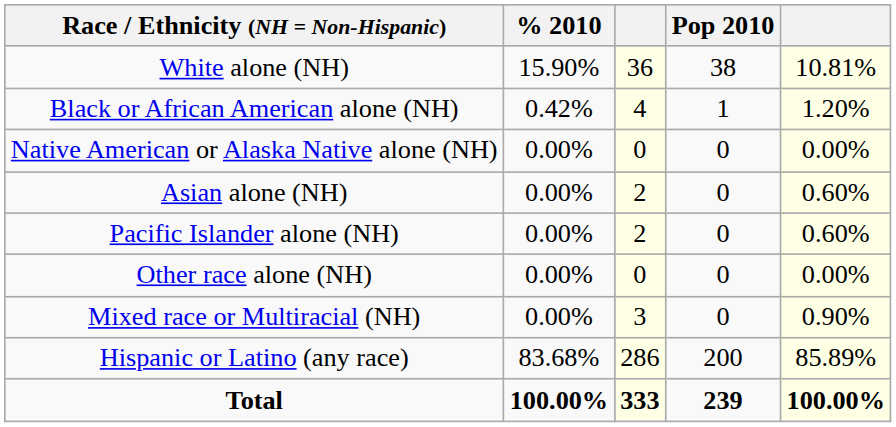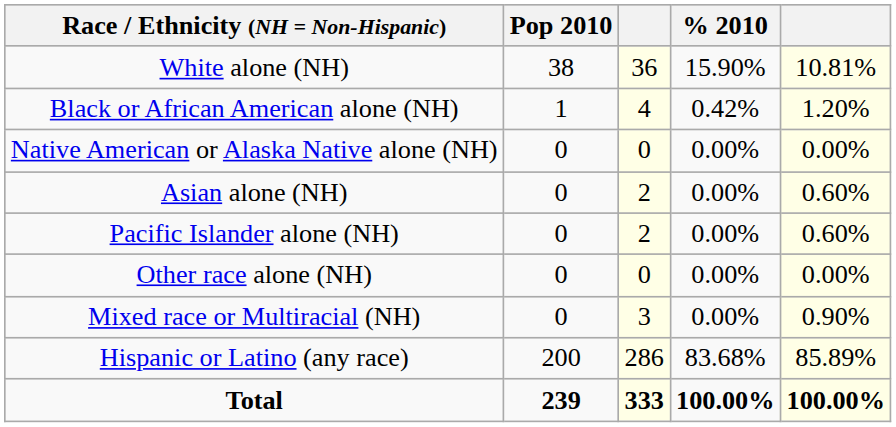 <table class="wikitable" style="text-align:center;">
 <tr>
 <th>Race / Ethnicity <small>(<em>NH = Non-Hispanic</em>)</small></th>
+<th>Pop 2010</th>
+<th></th>
 <th>% 2010</th>
-<th></th>
-<th>Pop 2010</th>
 <th></th>
 </tr>
 <tr>
 <td><a href='#'>White</a> alone (NH)</td>
+<td>38</td>
+<td style='background: #ffffe6;'>36</td>
 <td>15.90%</td>
-<td style='background: #ffffe6;'>36</td>
-<td>38</td>
 <td style='background: #ffffe6;'>10.81%</td>
 </tr>
 <tr>
 <td><a href='#'>Black or African American</a> alone (NH)</td>
+<td>1</td>
+<td style='background: #ffffe6;'>4</td>
 <td>0.42%</td>
-<td style='background: #ffffe6;'>4</td>
-<td>1</td>
 <td style='background: #ffffe6;'>1.20%</td>
 </tr>
 <tr>
 <td><a href='#'>Native American</a> or <a href='#'>Alaska Native</a> alone (NH)</td>
+<td>0</td>
+<td style='background: #ffffe6;'>0</td>
 <td>0.00%</td>
-<td style='background: #ffffe6;'>0</td>
-<td>0</td>
 <td style='background: #ffffe6;'>0.00%</td>
 </tr>
 <tr>
 <td><a href='#'>Asian</a> alone (NH)</td>
+<td>0</td>
+<td style='background: #ffffe6;'>2</td>
 <td>0.00%</td>
-<td style='background: #ffffe6;'>2</td>
-<td>0</td>
 <td style='background: #ffffe6;'>0.60%</td>
 </tr>
 <tr>
 <td><a href='#'>Pacific Islander</a> alone (NH)</td>
+<td>0</td>
+<td style='background: #ffffe6;'>2</td>
 <td>0.00%</td>
-<td style='background: #ffffe6;'>2</td>
-<td>0</td>
 <td style='background: #ffffe6;'>0.60%</td>
 </tr>
 <tr>
 <td><a href='#'>Other race</a> alone (NH)</td>
+<td>0</td>
+<td style='background: #ffffe6;'>0</td>
 <td>0.00%</td>
-<td style='background: #ffffe6;'>0</td>
-<td>0</td>
 <td style='background: #ffffe6;'>0.00%</td>
 </tr>
 <tr>
 <td><a href='#'>Mixed race or Multiracial</a> (NH)</td>
+<td>0</td>
+<td style='background: #ffffe6;'>3</td>
 <td>0.00%</td>
-<td style='background: #ffffe6;'>3</td>
-<td>0</td>
 <td style='background: #ffffe6;'>0.90%</td>
 </tr>
 <tr>
 <td><a href='#'>Hispanic or Latino</a> (any race)</td>
+<td>200</td>
+<td style='background: #ffffe6;'>286</td>
 <td>83.68%</td>
-<td style='background: #ffffe6;'>286</td>
-<td>200</td>
 <td style='background: #ffffe6;'>85.89%</td>
 </tr>
 <tr>
 <td><strong>Total</strong></td>
+<td><strong>239</strong></td>
+<td style='background: #ffffe6;'><strong>333</strong></td>
 <td><strong>100.00%</strong></td>
-<td style='background: #ffffe6;'><strong>333</strong></td>
-<td><strong>239</strong></td>
 <td style='background: #ffffe6;'><strong>100.00%</strong></td>
 </tr>
 </table>
